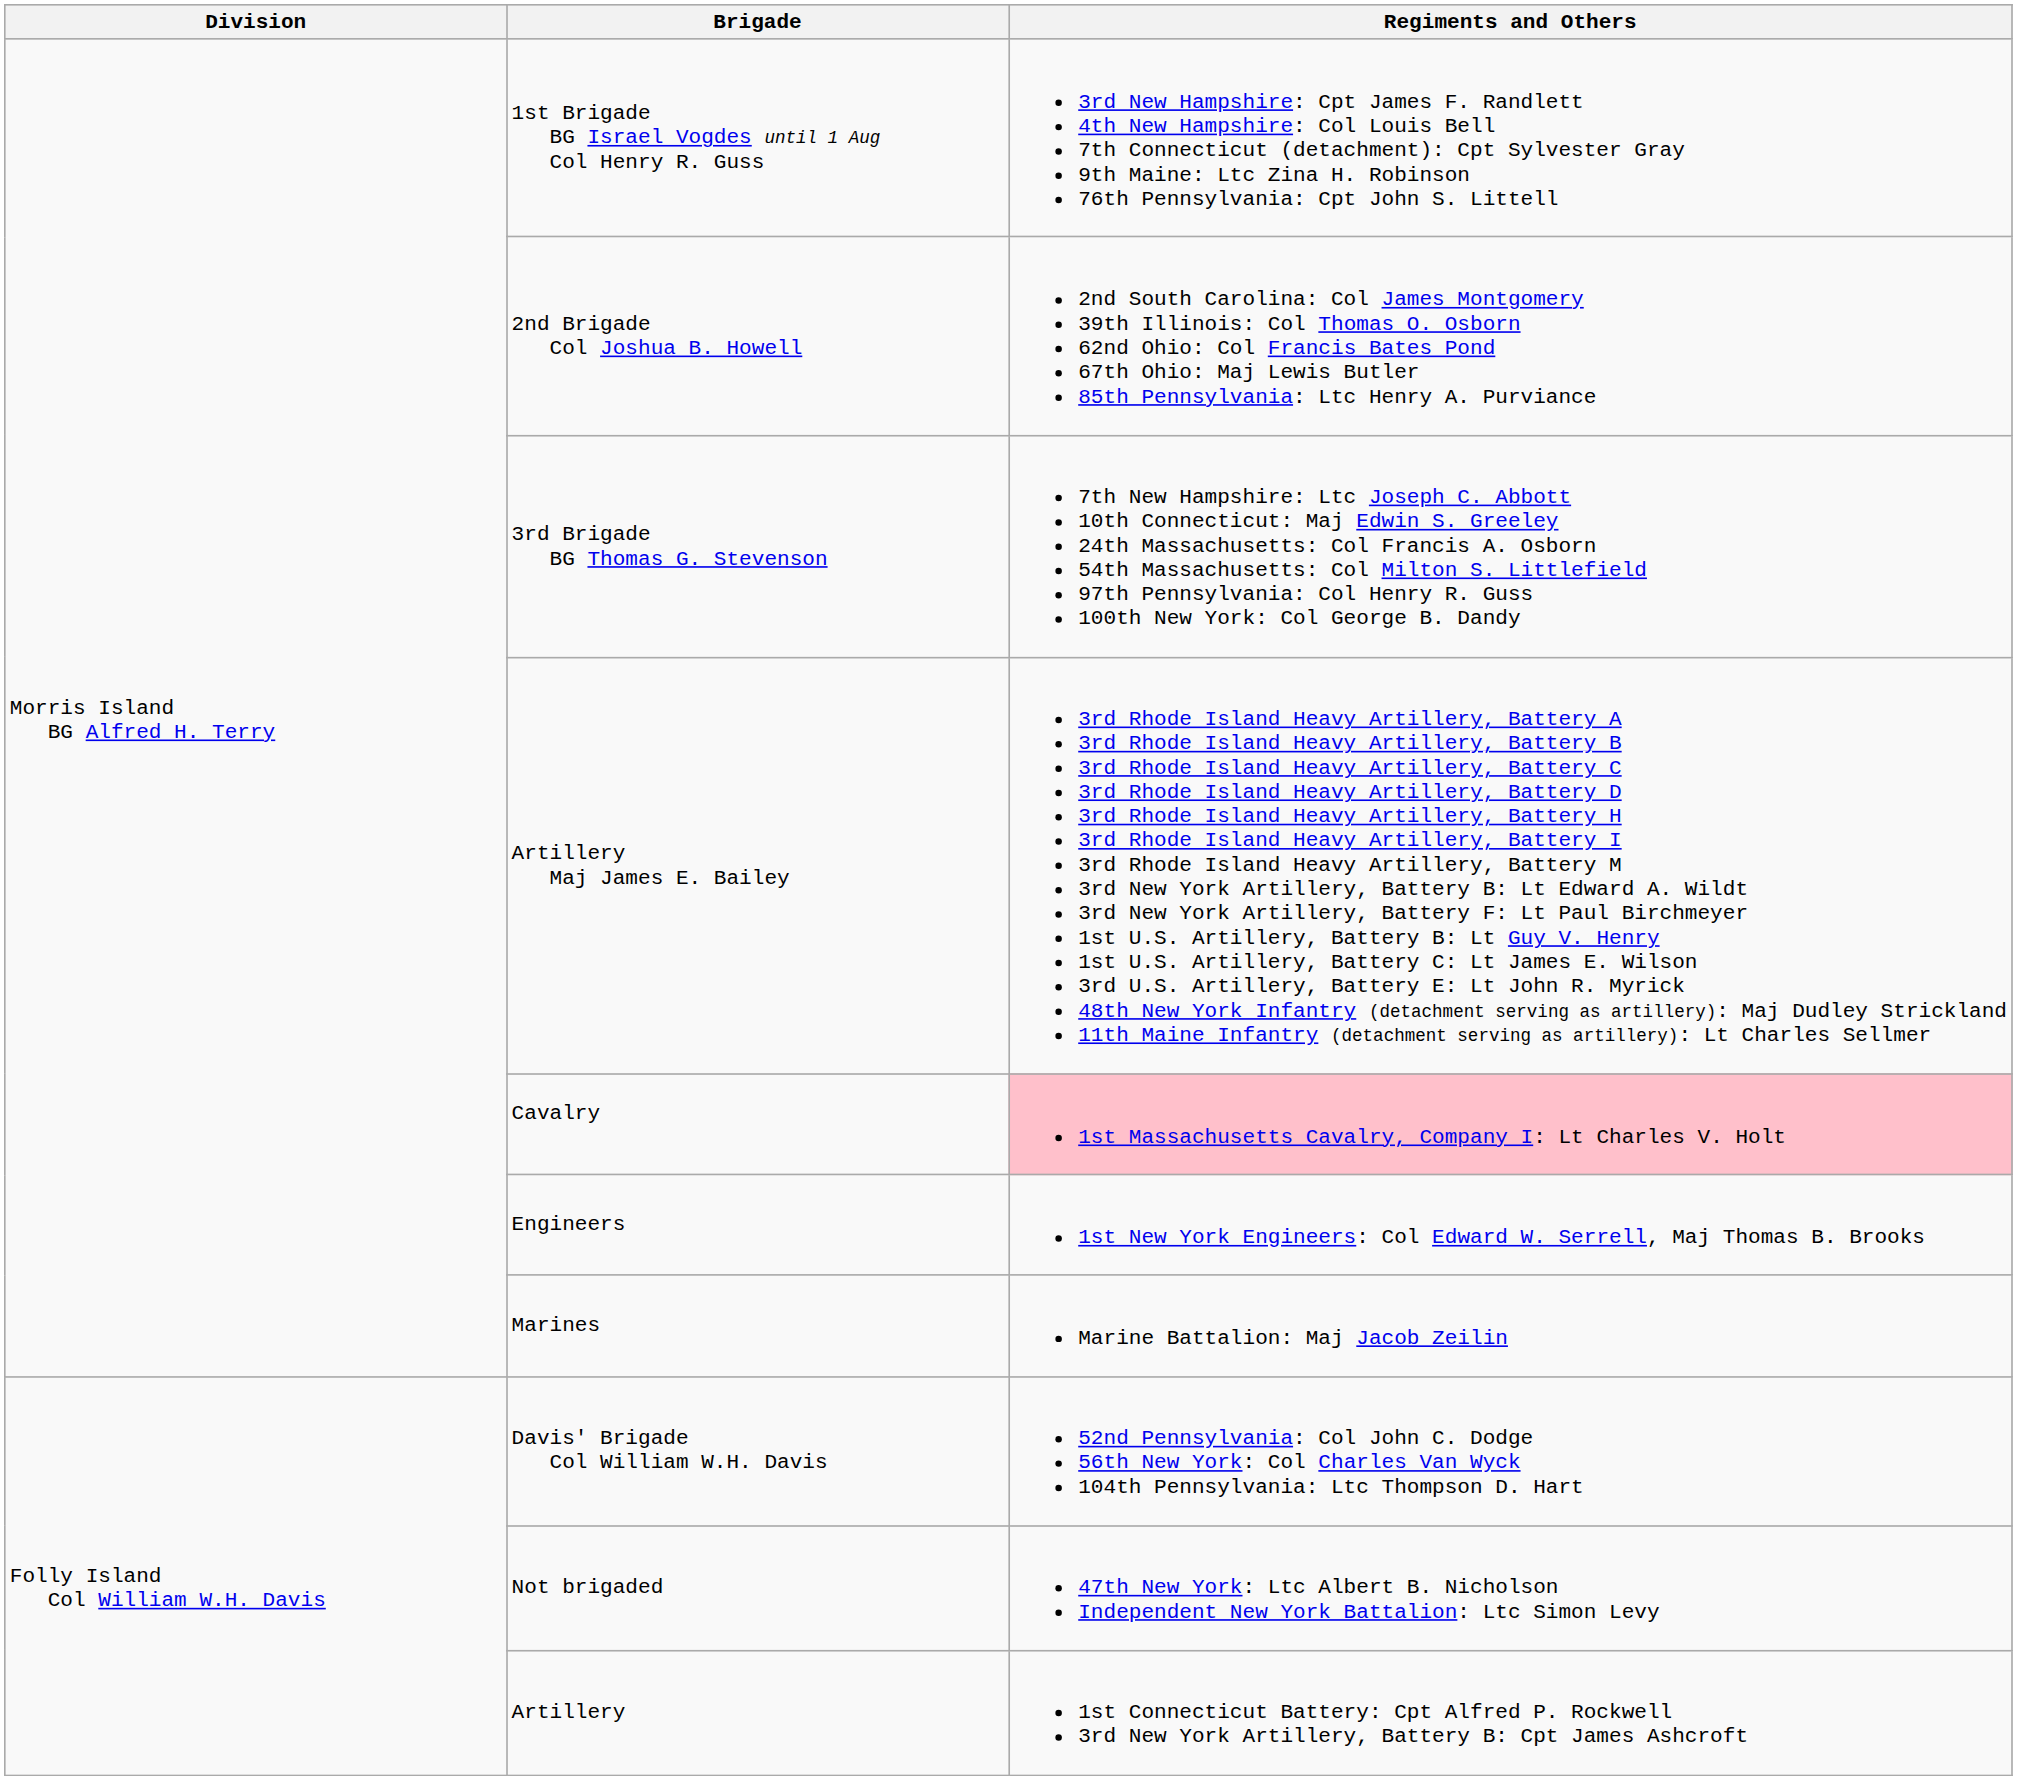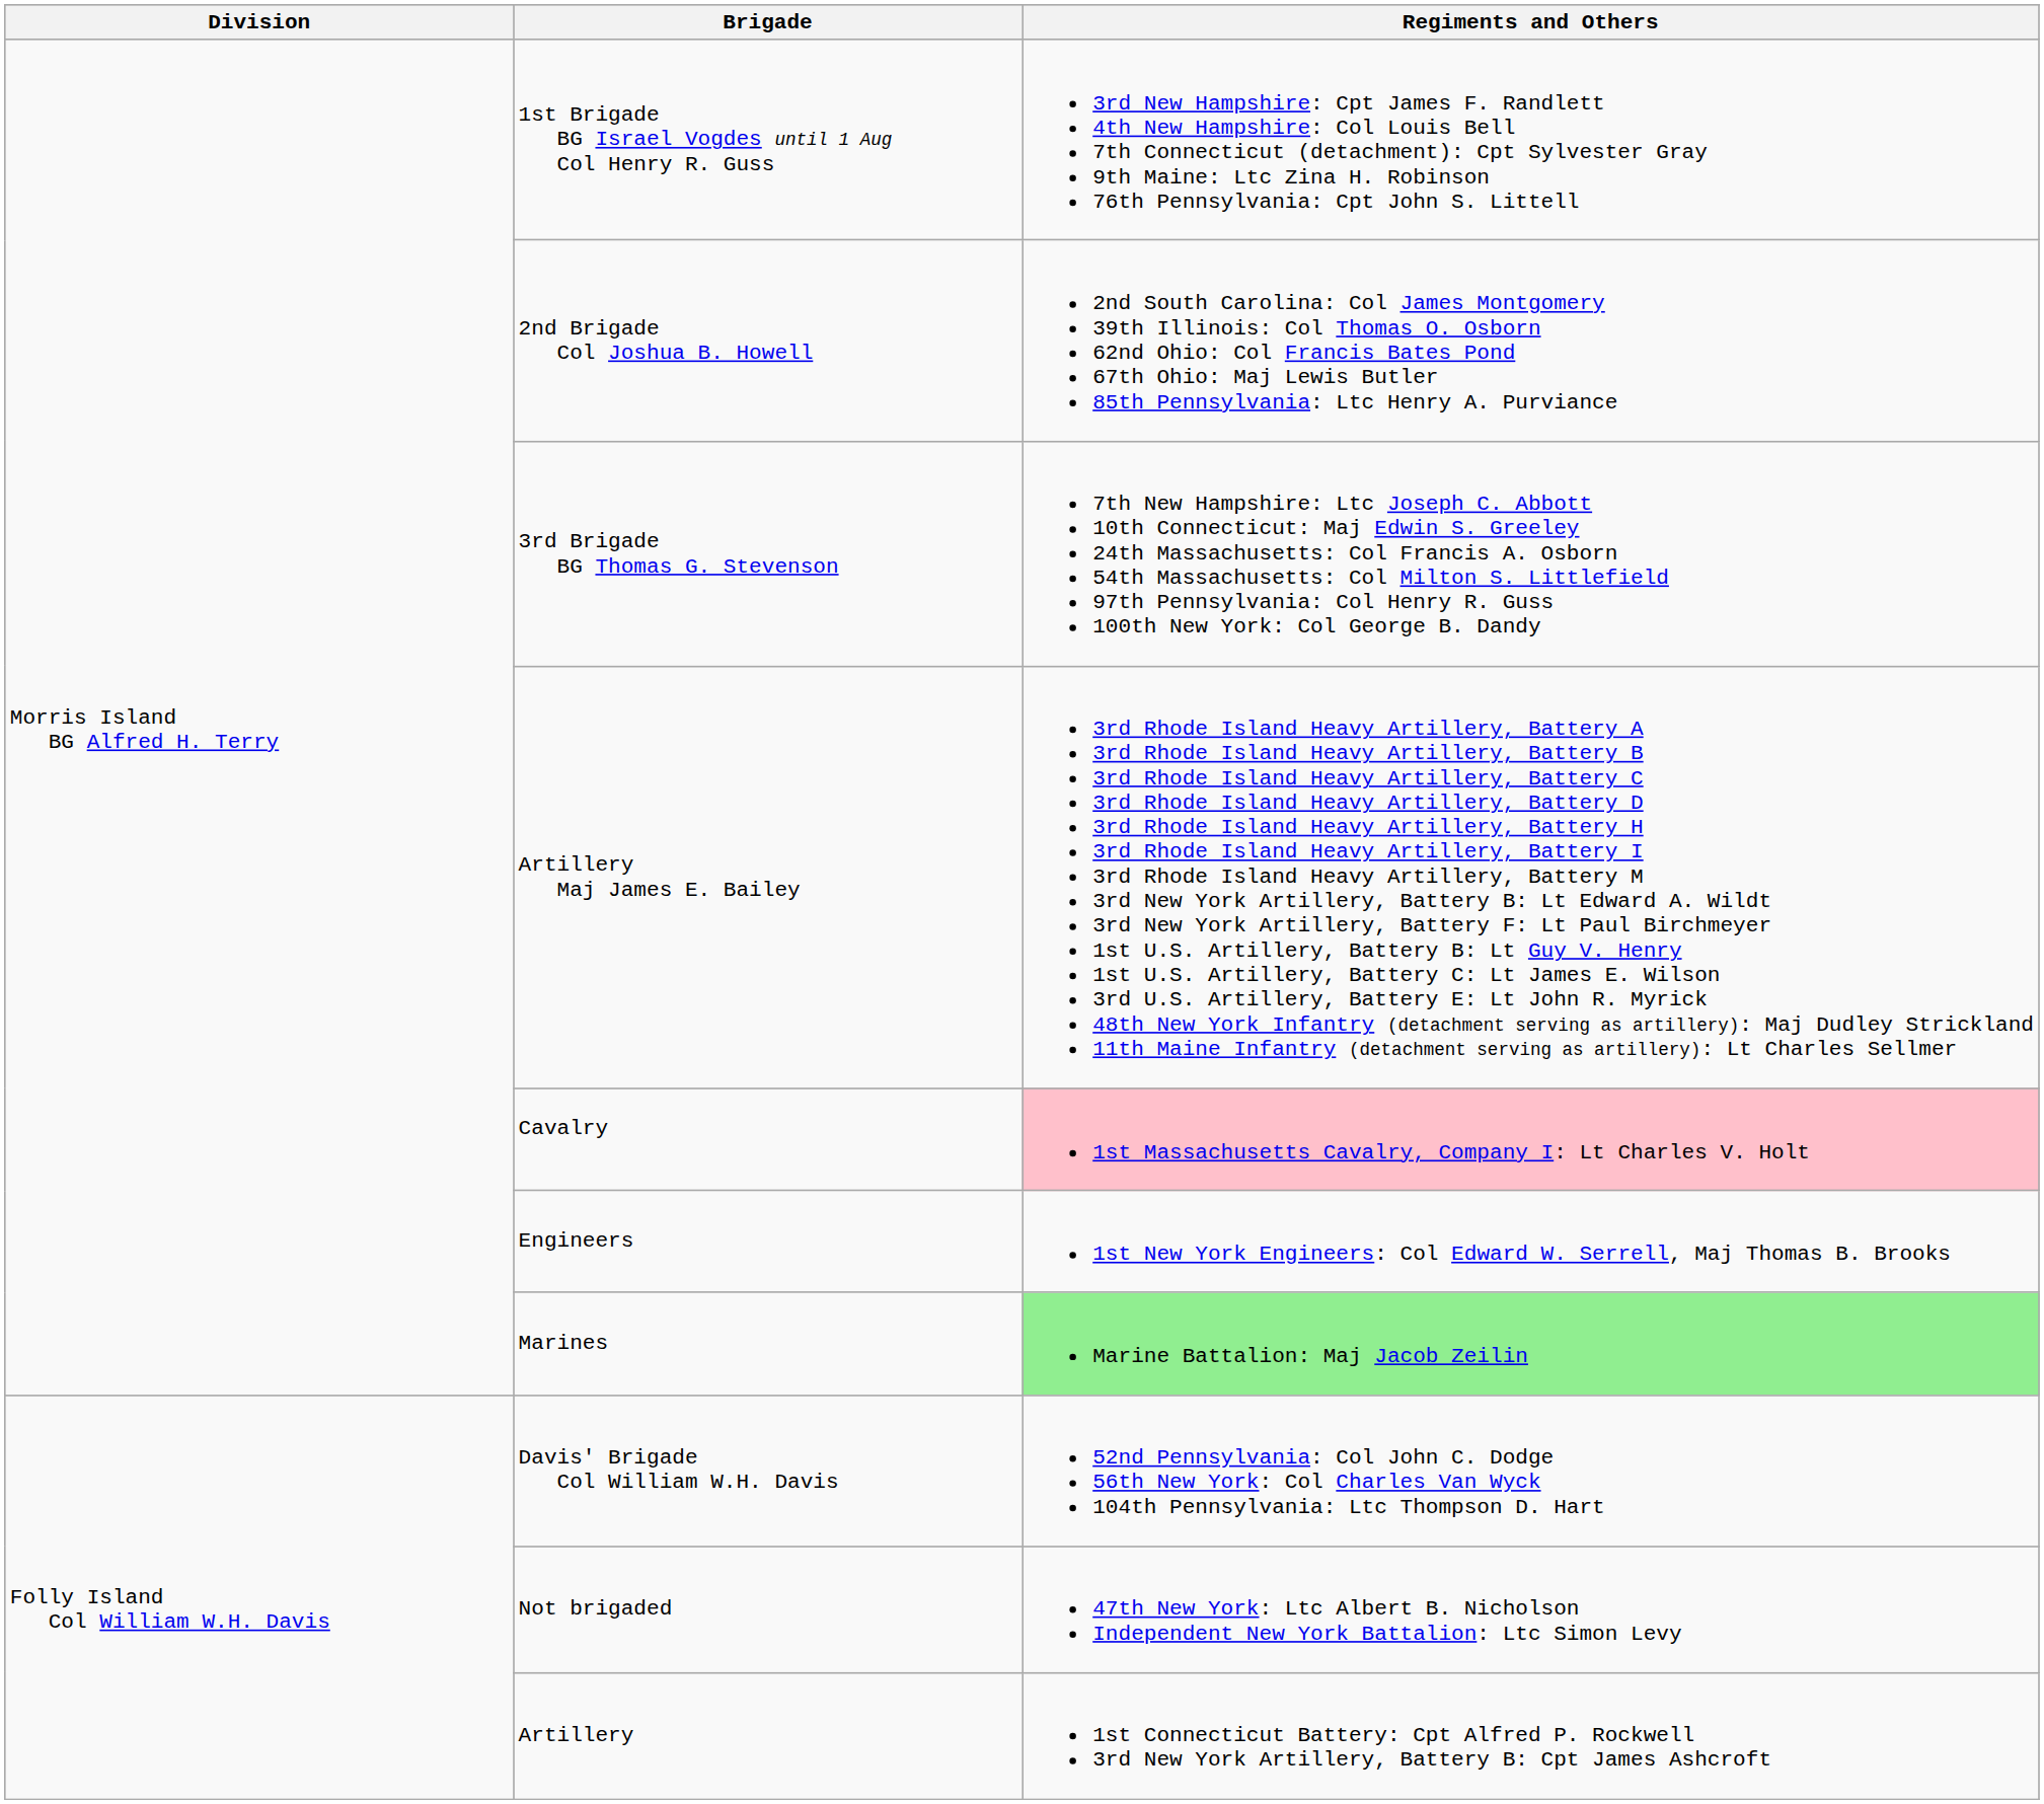 <table class="wikitable">
 <tr>
 <th width=25%>Division</th>
 <th width=25%>Brigade</th>
 <th>Regiments and Others</th>
 </tr>
 <tr>
 <td rowspan=7><br>Morris Island <br>   BG <a href='#'>Alfred H. Terry</a></td>
 <td>1st Brigade<br>   BG <a href='#'>Israel Vogdes</a> <small><em>until 1 Aug</em></small><br>    Col Henry R. Guss</td>
 <td><br><ul><li><a href='#'>3rd New Hampshire</a>: Cpt James F. Randlett</li><li><a href='#'>4th New Hampshire</a>: Col Louis Bell</li><li>7th Connecticut (detachment): Cpt Sylvester Gray</li><li>9th Maine: Ltc Zina H. Robinson</li><li>76th Pennsylvania: Cpt John S. Littell</li></ul></td>
 </tr>
 <tr>
 <td>2nd Brigade<br>   Col <a href='#'>Joshua B. Howell</a></td>
 <td><br><ul><li>2nd South Carolina: Col <a href='#'>James Montgomery</a></li><li>39th Illinois: Col <a href='#'>Thomas O. Osborn</a></li><li>62nd Ohio: Col <a href='#'>Francis Bates Pond</a></li><li>67th Ohio: Maj Lewis Butler</li><li><a href='#'>85th Pennsylvania</a>: Ltc Henry A. Purviance</li></ul></td>
 </tr>
 <tr>
 <td>3rd Brigade<br>   BG <a href='#'>Thomas G. Stevenson</a></td>
 <td><br><ul><li>7th New Hampshire: Ltc <a href='#'>Joseph C. Abbott</a></li><li>10th Connecticut: Maj <a href='#'>Edwin S. Greeley</a></li><li>24th Massachusetts: Col Francis A. Osborn</li><li>54th Massachusetts: Col <a href='#'>Milton S. Littlefield</a></li><li>97th Pennsylvania: Col Henry R. Guss</li><li>100th New York: Col George B. Dandy</li></ul></td>
 </tr>
 <tr>
 <td>Artillery<br>   Maj James E. Bailey</td>
 <td><br><ul><li><a href='#'>3rd Rhode Island Heavy Artillery, Battery A</a></li><li><a href='#'>3rd Rhode Island Heavy Artillery, Battery B</a></li><li><a href='#'>3rd Rhode Island Heavy Artillery, Battery C</a></li><li><a href='#'>3rd Rhode Island Heavy Artillery, Battery D</a></li><li><a href='#'>3rd Rhode Island Heavy Artillery, Battery H</a></li><li><a href='#'>3rd Rhode Island Heavy Artillery, Battery I</a></li><li>3rd Rhode Island Heavy Artillery, Battery M</li><li>3rd New York Artillery, Battery B: Lt Edward A. Wildt</li><li>3rd New York Artillery, Battery F: Lt Paul Birchmeyer</li><li>1st U.S. Artillery, Battery B: Lt <a href='#'>Guy V. Henry</a></li><li>1st U.S. Artillery, Battery C: Lt James E. Wilson</li><li>3rd U.S. Artillery, Battery E: Lt John R. Myrick</li><li><a href='#'>48th New York Infantry</a> <small>(detachment serving as artillery)</small>: Maj Dudley Strickland</li><li><a href='#'>11th Maine Infantry</a> <small>(detachment serving as artillery)</small>: Lt Charles Sellmer</li></ul></td>
 </tr>
 <tr>
 <td>Cavalry<br>  </td>
 <td style="background: pink;"><br><ul><li><a href='#'>1st Massachusetts Cavalry, Company I</a>: Lt Charles V. Holt</li></ul></td>
 </tr>
 <tr>
 <td>Engineers</td>
 <td><br><ul><li><a href='#'>1st New York Engineers</a>: Col <a href='#'>Edward W. Serrell</a>, Maj Thomas B. Brooks</li></ul></td>
 </tr>
 <tr>
 <td>Marines</td>
-<td><br><ul><li>Marine Battalion: Maj <a href='#'>Jacob Zeilin</a></li></ul></td>
+<td style="background: lightgreen;"><br><ul><li>Marine Battalion: Maj <a href='#'>Jacob Zeilin</a></li></ul></td>
 </tr>
 <tr>
 <td rowspan=3><br>Folly Island <br>   Col <a href='#'>William W.H. Davis</a></td>
 <td>Davis' Brigade<br>   Col William W.H. Davis</td>
 <td><br><ul><li><a href='#'>52nd Pennsylvania</a>: Col John C. Dodge</li><li><a href='#'>56th New York</a>: Col <a href='#'>Charles Van Wyck</a></li><li>104th Pennsylvania: Ltc Thompson D. Hart</li></ul></td>
 </tr>
 <tr>
 <td>Not brigaded</td>
 <td><br><ul><li><a href='#'>47th New York</a>: Ltc Albert B. Nicholson</li><li><a href='#'>Independent New York Battalion</a>: Ltc Simon Levy</li></ul></td>
 </tr>
 <tr>
 <td>Artillery</td>
 <td><br><ul><li>1st Connecticut Battery: Cpt Alfred P. Rockwell</li><li>3rd New York Artillery, Battery B: Cpt James Ashcroft</li></ul></td>
 </tr>
 </table>
